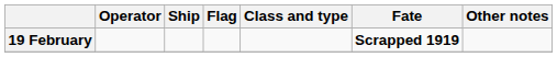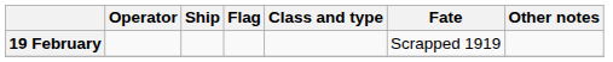 <table class="wikitable">
 <tr>
 <th></th>
 <th>Operator</th>
 <th>Ship</th>
 <th>Flag</th>
 <th>Class and type</th>
 <th>Fate</th>
 <th>Other notes</th>
 </tr>
 <tr ---->
 <th>19 February</th>
 <td></td>
 <td><strong></strong></td>
 <td></td>
 <td></td>
-<td><strong>Scrapped 1919</strong></td>
+<td>Scrapped 1919</td>
 <td></td>
 </tr>
 <tr ---->
 </tr>
 </table>
